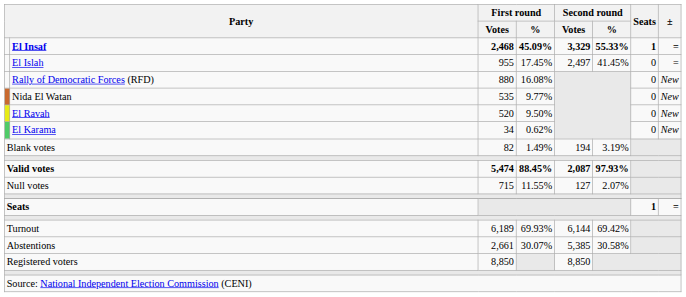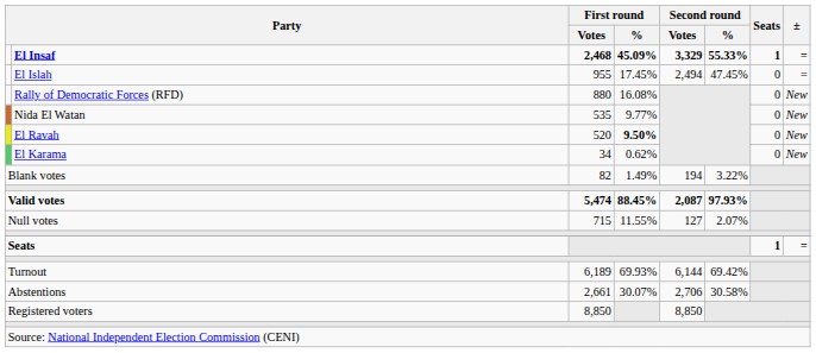 <table class="wikitable" style="text-align:right;font-size:95%;">
 <tr>
 <th rowspan="2" colspan="2" width="700">Party</th>
 <th colspan="2">First round</th>
 <th colspan="2">Second round</th>
 <th rowspan="2" width="25">Seats</th>
 <th rowspan="2" width="20">±</th>
 </tr>
 <tr>
 <th width="50">Votes</th>
 <th width="50">%</th>
 <th width="50">Votes</th>
 <th width="50">%</th>
 </tr>
 <tr>
 <td width="1" style="color:inherit;background:"></td>
 <td style="text-align:left;"><strong><a href='#'>El Insaf</a></strong></td>
 <td><strong>2,468</strong></td>
 <td><strong>45.09%</strong></td>
 <td><strong>3,329</strong></td>
 <td><strong>55.33%</strong></td>
 <td><strong>1</strong></td>
 <td><strong>=</strong></td>
 </tr>
 <tr>
 <td width="1" style="color:inherit;background:"></td>
 <td style="text-align:left;"><a href='#'>El Islah</a></td>
 <td>955</td>
 <td>17.45%</td>
-<td>2,497</td>
-<td>41.45%</td>
+<td>2,494</td>
+<td>47.45%</td>
 <td>0</td>
 <td>=</td>
 </tr>
 <tr>
 <td width="1" style="color:inherit;background:"></td>
 <td style="text-align:left;"><a href='#'>Rally of Democratic Forces</a> (RFD)</td>
 <td>880</td>
 <td>16.08%</td>
 <td colspan="2" rowspan="4" style="background:#E9E9E9;"></td>
 <td>0</td>
 <td><em>New</em></td>
 </tr>
 <tr>
 <td width="1" style="color:inherit;background:#C96A2F;"></td>
 <td style="text-align:left;">Nida El Watan</td>
 <td>535</td>
 <td>9.77%</td>
 <td>0</td>
 <td><em>New</em></td>
 </tr>
 <tr>
 <td width="1" style="color:inherit;background:#E7EB16;"></td>
 <td style="text-align:left;"><a href='#'>El Ravah</a></td>
 <td>520</td>
-<td>9.50%</td>
+<td><strong>9.50%</strong></td>
 <td>0</td>
 <td><em>New</em></td>
 </tr>
 <tr>
 <td width="1" style="color:inherit;background:#4FCB68;"></td>
 <td style="text-align:left;"><a href='#'>El Karama</a></td>
 <td>34</td>
 <td>0.62%</td>
 <td>0</td>
 <td><em>New</em></td>
 </tr>
 <tr>
 <td colspan="2" style="text-align:left;">Blank votes</td>
 <td>82</td>
 <td>1.49%</td>
 <td>194</td>
-<td>3.19%</td>
+<td>3.22%</td>
 <td colspan="2" style="background:#E9E9E9;"></td>
 </tr>
 <tr>
 <td colspan="8" style="background:#E9E9E9;"></td>
 </tr>
 <tr style="font-weight:bold;">
 <td colspan="2" style="text-align:left;">Valid votes</td>
 <td>5,474</td>
 <td>88.45%</td>
 <td>2,087</td>
 <td>97.93%</td>
 <td colspan="2" style="background:#E9E9E9;"></td>
 </tr>
 <tr>
 <td colspan="2" style="text-align:left;">Null votes</td>
 <td>715</td>
 <td>11.55%</td>
 <td>127</td>
 <td>2.07%</td>
 <td colspan="2" style="background:#E9E9E9;"></td>
 </tr>
 <tr>
 <td colspan="8" style="background:#E9E9E9;"></td>
 </tr>
 <tr>
 </tr>
 <tr style="font-weight:bold;">
 <td colspan="2" style="text-align:left;">Seats</td>
 <td colspan="4" style="background:#E9E9E9;"></td>
 <td>1</td>
 <td>=</td>
 </tr>
 <tr>
 <td colspan="8" style="background:#E9E9E9;"></td>
 </tr>
 <tr>
 <td colspan="2" style="text-align:left;">Turnout</td>
 <td>6,189</td>
 <td>69.93%</td>
 <td>6,144</td>
 <td>69.42%</td>
 <td colspan="2" style="background:#E9E9E9;"></td>
 </tr>
 <tr>
 <td colspan="2" style="text-align:left;">Abstentions</td>
 <td>2,661</td>
 <td>30.07%</td>
-<td>5,385</td>
+<td>2,706</td>
 <td>30.58%</td>
 <td colspan="2" style="background:#E9E9E9;"></td>
 </tr>
 <tr>
 <td colspan="2" style="text-align:left;">Registered voters</td>
 <td>8,850</td>
 <td style="color:inherit;background:#E9E9E9;"></td>
 <td>8,850</td>
 <td colspan="3" style="background:#E9E9E9;"></td>
 </tr>
 <tr>
 <td colspan="8" style="background:#E9E9E9;"></td>
 </tr>
 <tr>
 <td colspan="8" style="text-align:left;">Source: <a href='#'>National Independent Election Commission</a> (CENI)</td>
 </tr>
 </table>
